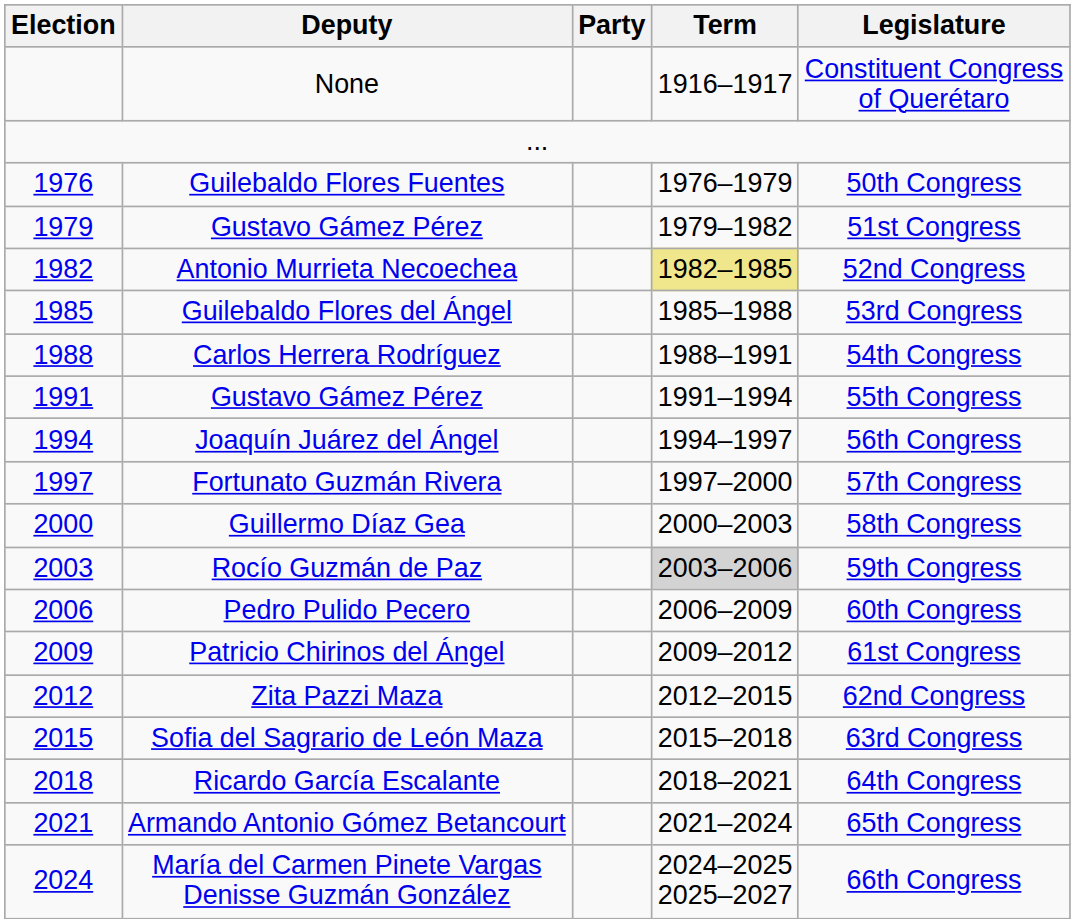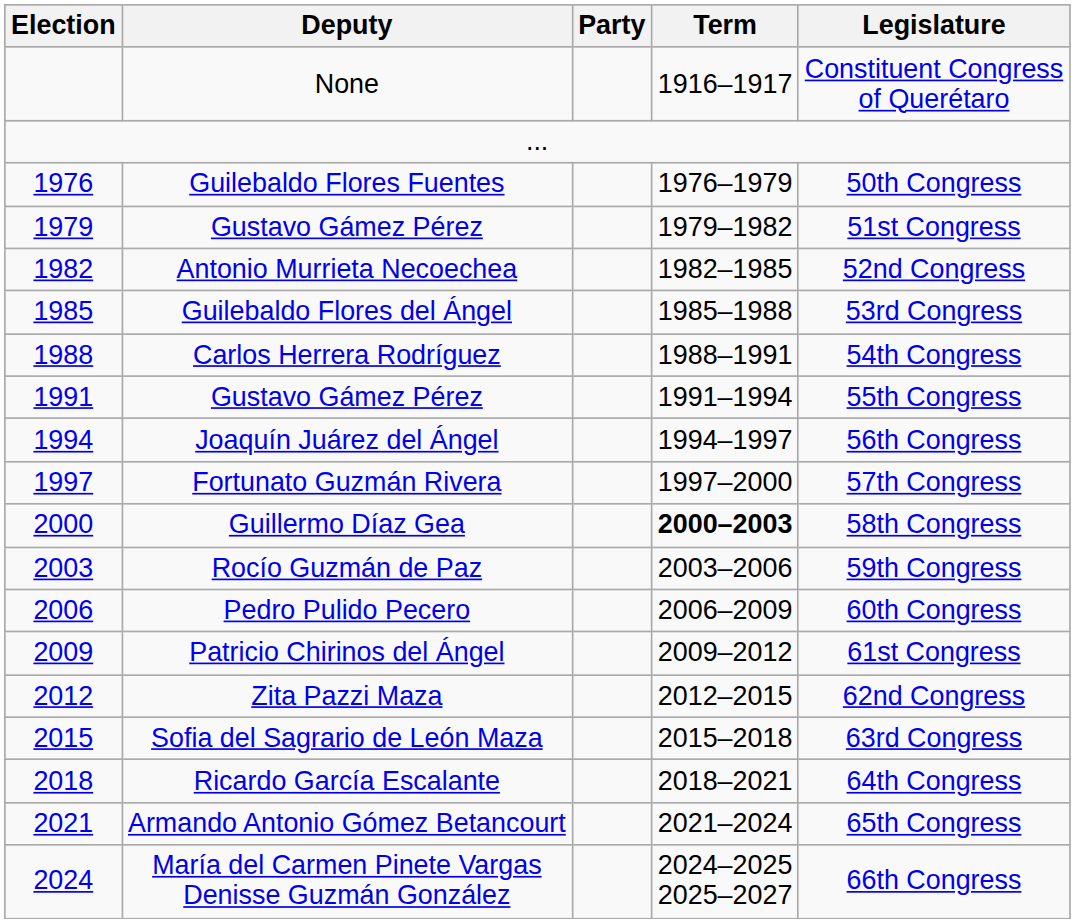 <table class="wikitable sortable" style="text-align: center">
 <tr>
 <th>Election</th>
 <th class="unsortable">Deputy</th>
 <th class="unsortable">Party</th>
 <th class="unsortable">Term</th>
 <th class="unsortable">Legislature</th>
 </tr>
 <tr>
 <td></td>
 <td>None</td>
 <td></td>
 <td>1916–1917</td>
 <td><a href='#'>Constituent Congress<br>of Querétaro</a></td>
 </tr>
 <tr>
 <td colspan=5> ...</td>
 </tr>
 <tr>
 <td><a href='#'>1976</a></td>
 <td><a href='#'>Guilebaldo Flores Fuentes</a></td>
 <td></td>
 <td>1976–1979</td>
 <td><a href='#'>50th Congress</a></td>
 </tr>
 <tr>
 <td><a href='#'>1979</a></td>
 <td><a href='#'>Gustavo Gámez Pérez</a></td>
 <td></td>
 <td>1979–1982</td>
 <td><a href='#'>51st Congress</a></td>
 </tr>
 <tr>
 <td><a href='#'>1982</a></td>
 <td><a href='#'>Antonio Murrieta Necoechea</a></td>
 <td></td>
-<td style="background: khaki;">1982–1985</td>
+<td>1982–1985</td>
 <td><a href='#'>52nd Congress</a></td>
 </tr>
 <tr>
 <td><a href='#'>1985</a></td>
 <td><a href='#'>Guilebaldo Flores del Ángel</a></td>
 <td></td>
 <td>1985–1988</td>
 <td><a href='#'>53rd Congress</a></td>
 </tr>
 <tr>
 <td><a href='#'>1988</a></td>
 <td><a href='#'>Carlos Herrera Rodríguez</a></td>
 <td></td>
 <td>1988–1991</td>
 <td><a href='#'>54th Congress</a></td>
 </tr>
 <tr>
 <td><a href='#'>1991</a></td>
 <td><a href='#'>Gustavo Gámez Pérez</a></td>
 <td></td>
 <td>1991–1994</td>
 <td><a href='#'>55th Congress</a></td>
 </tr>
 <tr>
 <td><a href='#'>1994</a></td>
 <td><a href='#'>Joaquín Juárez del Ángel</a></td>
 <td></td>
 <td>1994–1997</td>
 <td><a href='#'>56th Congress</a></td>
 </tr>
 <tr>
 <td><a href='#'>1997</a></td>
 <td><a href='#'>Fortunato Guzmán Rivera</a></td>
 <td></td>
 <td>1997–2000</td>
 <td><a href='#'>57th Congress</a></td>
 </tr>
 <tr>
 <td><a href='#'>2000</a></td>
 <td><a href='#'>Guillermo Díaz Gea</a></td>
 <td></td>
-<td>2000–2003</td>
+<td><strong>2000–2003</strong></td>
 <td><a href='#'>58th Congress</a></td>
 </tr>
 <tr>
 <td><a href='#'>2003</a></td>
 <td><a href='#'>Rocío Guzmán de Paz</a></td>
 <td></td>
-<td style="background: lightgrey;">2003–2006</td>
+<td>2003–2006</td>
 <td><a href='#'>59th Congress</a></td>
 </tr>
 <tr>
 <td><a href='#'>2006</a></td>
 <td><a href='#'>Pedro Pulido Pecero</a></td>
 <td></td>
 <td>2006–2009</td>
 <td><a href='#'>60th Congress</a></td>
 </tr>
 <tr>
 <td><a href='#'>2009</a></td>
 <td><a href='#'>Patricio Chirinos del Ángel</a></td>
 <td></td>
 <td>2009–2012</td>
 <td><a href='#'>61st Congress</a></td>
 </tr>
 <tr>
 <td><a href='#'>2012</a></td>
 <td><a href='#'>Zita Pazzi Maza</a></td>
 <td></td>
 <td>2012–2015</td>
 <td><a href='#'>62nd Congress</a></td>
 </tr>
 <tr>
 <td><a href='#'>2015</a></td>
 <td><a href='#'>Sofia del Sagrario de León Maza</a></td>
 <td></td>
 <td>2015–2018</td>
 <td><a href='#'>63rd Congress</a></td>
 </tr>
 <tr>
 <td><a href='#'>2018</a></td>
 <td><a href='#'>Ricardo García Escalante</a></td>
 <td></td>
 <td>2018–2021</td>
 <td><a href='#'>64th Congress</a></td>
 </tr>
 <tr>
 <td><a href='#'>2021</a></td>
 <td><a href='#'>Armando Antonio Gómez Betancourt</a></td>
 <td></td>
 <td>2021–2024</td>
 <td><a href='#'>65th Congress</a></td>
 </tr>
 <tr>
 <td><a href='#'>2024</a></td>
 <td><a href='#'>María del Carmen Pinete Vargas</a><br><a href='#'>Denisse Guzmán González</a></td>
 <td></td>
 <td>2024–2025<br>2025–2027</td>
 <td><a href='#'>66th Congress</a></td>
 </tr>
 </table>
